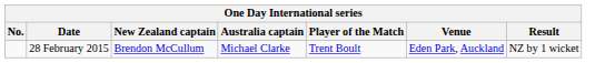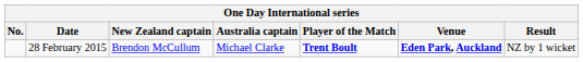 <table class="wikitable">
 <tr>
 <th colspan="7">One Day International series</th>
 </tr>
 <tr>
 <th>No.</th>
 <th>Date</th>
 <th>New Zealand captain</th>
 <th>Australia captain</th>
 <th>Player of the Match</th>
 <th>Venue</th>
 <th>Result</th>
 </tr>
 <tr>
 <td></td>
 <td>28 February 2015</td>
 <td><a href='#'>Brendon McCullum</a></td>
 <td><a href='#'>Michael Clarke</a></td>
-<td><a href='#'>Trent Boult</a></td>
-<td><a href='#'>Eden Park</a>, <a href='#'>Auckland</a></td>
+<td><strong><a href='#'>Trent Boult</a></strong></td>
+<td><strong><a href='#'>Eden Park</a>, <a href='#'>Auckland</a></strong></td>
 <td>NZ by 1 wicket</td>
 </tr>
 </table>
